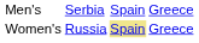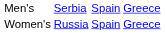 <table>
 <tr>
 <td>Men's<br></td>
 <td> <a href='#'>Serbia</a></td>
 <td> <a href='#'>Spain</a></td>
 <td> <a href='#'>Greece</a></td>
 </tr>
 <tr>
 <td>Women's<br></td>
 <td> <a href='#'>Russia</a></td>
-<td style="background: khaki;"> <a href='#'>Spain</a></td>
+<td> <a href='#'>Spain</a></td>
 <td> <a href='#'>Greece</a></td>
 </tr>
 </table>
